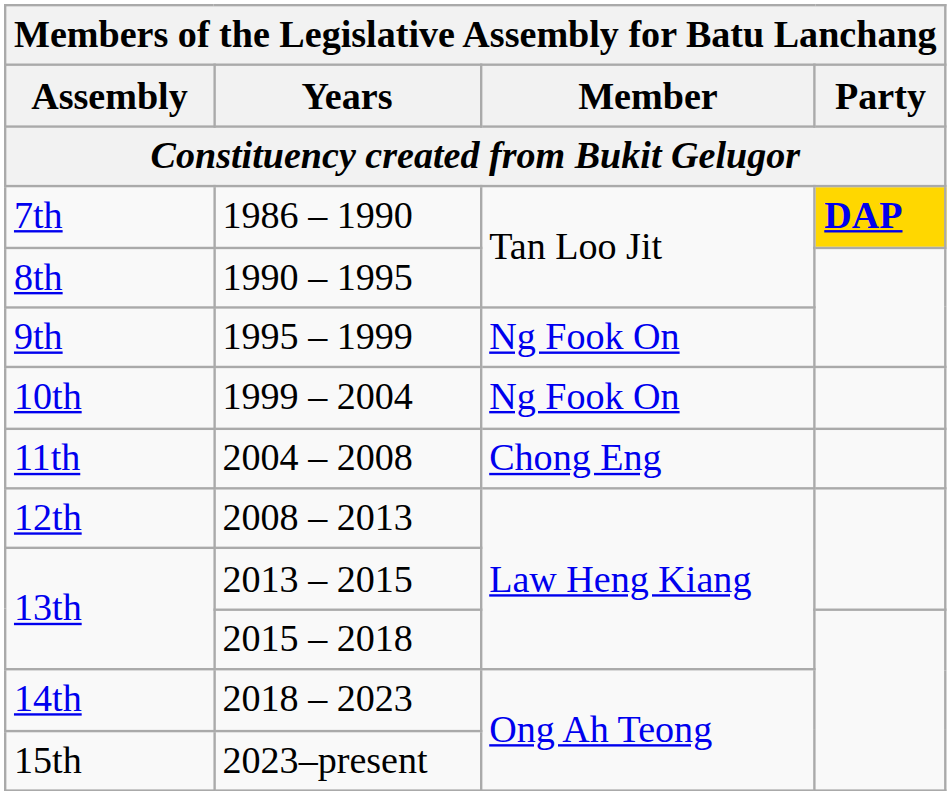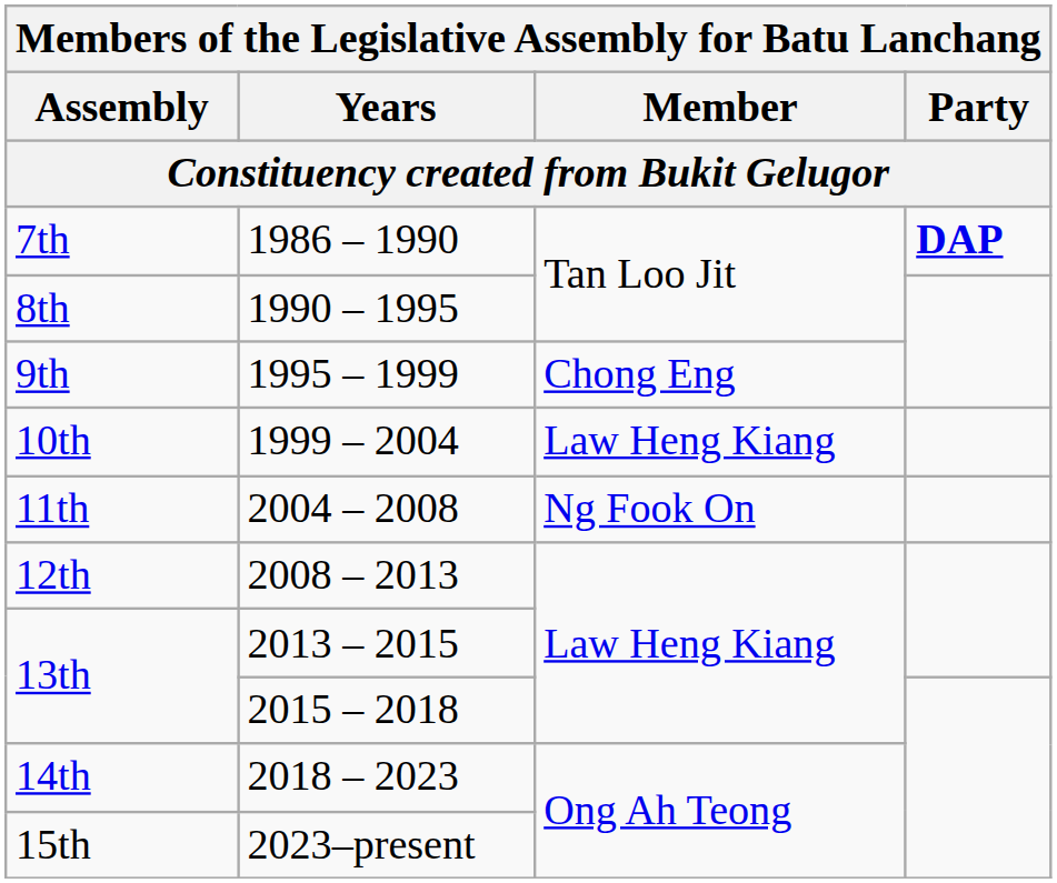 <table class=wikitable>
 <tr>
 <th colspan=4>Members of the Legislative Assembly for Batu Lanchang</th>
 </tr>
 <tr>
 <th>Assembly</th>
 <th>Years</th>
 <th>Member</th>
 <th>Party</th>
 </tr>
 <tr>
 <th colspan=4 align=center><em>Constituency created from Bukit Gelugor</em></th>
 </tr>
 <tr>
 <td><a href='#'>7th</a></td>
 <td class="nowrap">1986 – 1990</td>
 <td rowspan="2">Tan Loo Jit</td>
-<td style="background: gold;"><strong><a href='#'>DAP</a></strong></td>
+<td><strong><a href='#'>DAP</a></strong></td>
 </tr>
 <tr>
 <td><a href='#'>8th</a></td>
 <td>1990 – 1995</td>
 <td rowspan=2></td>
 </tr>
 <tr>
 <td><a href='#'>9th</a></td>
 <td>1995 – 1999</td>
-<td><a href='#'>Ng Fook On</a></td>
+<td><a href='#'>Chong Eng</a></td>
 </tr>
 <tr>
 <td><a href='#'>10th</a></td>
 <td>1999 – 2004</td>
-<td><a href='#'>Ng Fook On</a></td>
+<td><a href='#'>Law Heng Kiang</a></td>
 <td></td>
 </tr>
 <tr>
 <td><a href='#'>11th</a></td>
 <td>2004 – 2008</td>
-<td><a href='#'>Chong Eng</a></td>
+<td><a href='#'>Ng Fook On</a></td>
 <td></td>
 </tr>
 <tr>
 <td><a href='#'>12th</a></td>
 <td>2008 – 2013</td>
 <td rowspan=3><a href='#'>Law Heng Kiang</a></td>
 <td rowspan=2></td>
 </tr>
 <tr>
 <td rowspan=2><a href='#'>13th</a></td>
 <td>2013 – 2015</td>
 </tr>
 <tr>
 <td>2015 – 2018</td>
 <td rowspan=3></td>
 </tr>
 <tr>
 <td><a href='#'>14th</a></td>
 <td>2018 – 2023</td>
 <td rowspan=2><a href='#'>Ong Ah Teong</a></td>
 </tr>
 <tr>
 <td>15th</td>
 <td>2023–present</td>
 </tr>
 </table>
